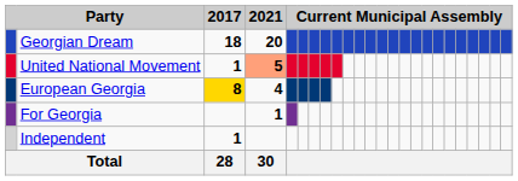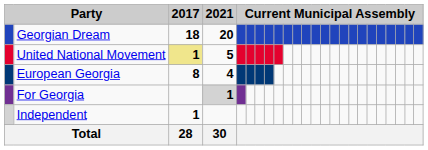 <table class="wikitable">
 <tr>
 <th colspan="2" style="background:#ccc">Party</th>
 <th style="background:#ccc">2017</th>
 <th style="background:#ccc">2021</th>
 <th colspan="24" style="background:#ccc">Current Municipal Assembly</th>
 </tr>
 <tr>
 <td style="background-color: #2044BC "> </td>
 <td><a href='#'>Georgian Dream</a></td>
 <td style="text-align: right"><strong>18</strong></td>
 <td style="text-align: right"><strong>20</strong></td>
 <td style="background-color: #2044BC "></td>
 <td style="background-color: #2044BC "> </td>
 <td style="background-color: #2044BC "> </td>
 <td style="background-color: #2044BC "> </td>
 <td style="background-color: #2044BC "> </td>
 <td style="background-color: #2044BC "> </td>
 <td style="background-color: #2044BC "> </td>
 <td style="background-color: #2044BC "> </td>
 <td style="background-color: #2044BC "> </td>
 <td style="background-color: #2044BC "> </td>
 <td style="background-color: #2044BC "> </td>
 <td style="background-color: #2044BC "> </td>
 <td style="background-color: #2044BC "> </td>
 <td style="background-color: #2044BC "> </td>
 <td style="background-color: #2044BC "> </td>
 <td style="background-color: #2044BC "> </td>
 <td style="background-color: #2044BC "> </td>
 <td style="background-color: #2044BC "> </td>
 <td style="background-color: #2044BC "> </td>
 <td style="background-color: #2044BC "> </td>
 </tr>
 <tr>
 <td style="background-color: #e4012e "> </td>
 <td><a href='#'>United National Movement</a></td>
-<td style="text-align: right"><strong>1</strong></td>
-<td style="background: lightsalmon; text-align: right"><strong>5</strong></td>
+<td style="background: khaki; text-align: right"><strong>1</strong></td>
+<td style="text-align: right"><strong>5</strong></td>
 <td style="background-color: #e4012e "> </td>
 <td style="background-color: #e4012e "> </td>
 <td style="background-color: #e4012e "> </td>
 <td style="background-color: #e4012e "> </td>
 <td style="background-color: #e4012e "> </td>
 <td></td>
 <td></td>
 <td></td>
 <td></td>
 <td></td>
 <td></td>
 <td></td>
 <td></td>
 <td></td>
 <td></td>
 <td></td>
 <td></td>
 <td></td>
 <td></td>
 <td></td>
 </tr>
 <tr>
 <td style="background-color: #003876 "> </td>
 <td><a href='#'>European Georgia</a></td>
-<td style="background: gold; text-align: right"><strong>8</strong></td>
+<td style="text-align: right"><strong>8</strong></td>
 <td style="text-align: right"><strong>4</strong></td>
 <td style="background-color: #003876 "> </td>
 <td style="background-color: #003876 "> </td>
 <td style="background-color: #003876 "> </td>
 <td style="background-color: #003876 "> </td>
 <td></td>
 <td></td>
 <td></td>
 <td></td>
 <td></td>
 <td></td>
 <td></td>
 <td></td>
 <td></td>
 <td></td>
 <td></td>
 <td></td>
 <td></td>
 <td></td>
 <td></td>
 <td></td>
 </tr>
 <tr>
 <td style="background-color: #702F92 "> </td>
 <td><a href='#'>For Georgia</a></td>
 <td></td>
-<td style="text-align: right"><strong>1</strong></td>
+<td style="background: lightgrey; text-align: right"><strong>1</strong></td>
 <td style="background-color: #702F92 "> </td>
 <td></td>
 <td></td>
 <td></td>
 <td></td>
 <td></td>
 <td></td>
 <td></td>
 <td></td>
 <td></td>
 <td></td>
 <td></td>
 <td></td>
 <td></td>
 <td></td>
 <td></td>
 <td></td>
 <td></td>
 <td></td>
 <td></td>
 </tr>
 <tr>
 <td style="background-color: lightgrey "> </td>
 <td><a href='#'>Independent</a></td>
 <td style="text-align: right"><strong>1</strong></td>
 <td></td>
 <td></td>
 <td></td>
 <td></td>
 <td></td>
 <td></td>
 <td></td>
 <td></td>
 <td></td>
 <td></td>
 <td></td>
 <td></td>
 <td></td>
 <td></td>
 <td></td>
 <td></td>
 <td></td>
 <td></td>
 <td></td>
 <td></td>
 <td></td>
 </tr>
 <tr>
 <th colspan="2">Total</th>
 <th align="right">28</th>
 <th align="right">30</th>
 <th colspan="45"> </th>
 </tr>
 </table>
